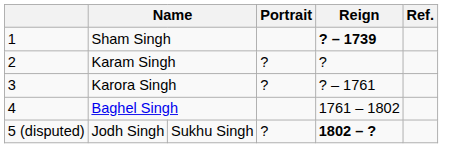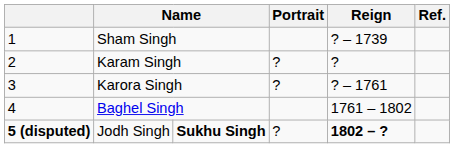 <table class="wikitable">
 <tr>
 <th></th>
 <th colspan="2">Name<br></th>
 <th>Portrait</th>
 <th class="unsortable">Reign</th>
 <th>Ref.</th>
 </tr>
 <tr>
 <td>1</td>
 <td colspan="2">Sham Singh<br></td>
 <td></td>
-<td><strong>? – 1739</strong></td>
+<td>? – 1739</td>
 <td></td>
 </tr>
 <tr>
 <td>2</td>
 <td colspan="2">Karam Singh</td>
 <td>?</td>
 <td>?</td>
 <td></td>
 </tr>
 <tr>
 <td>3</td>
 <td colspan="2">Karora Singh<br></td>
 <td>?</td>
 <td>? – 1761</td>
 <td></td>
 </tr>
 <tr>
 <td>4</td>
 <td colspan="2"><a href='#'>Baghel Singh</a><br></td>
 <td></td>
 <td>1761 – 1802</td>
 <td></td>
 </tr>
 <tr>
-<td>5 (disputed)</td>
+<td><strong>5 (disputed)</strong></td>
 <td>Jodh Singh<br></td>
-<td>Sukhu Singh</td>
+<td><strong>Sukhu Singh</strong></td>
 <td>?</td>
 <td><strong>1802 – ?</strong></td>
 <td></td>
 </tr>
 </table>
